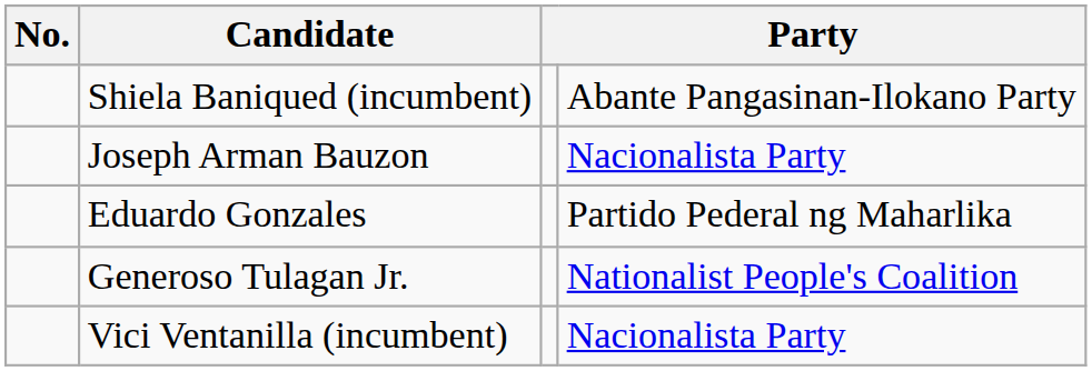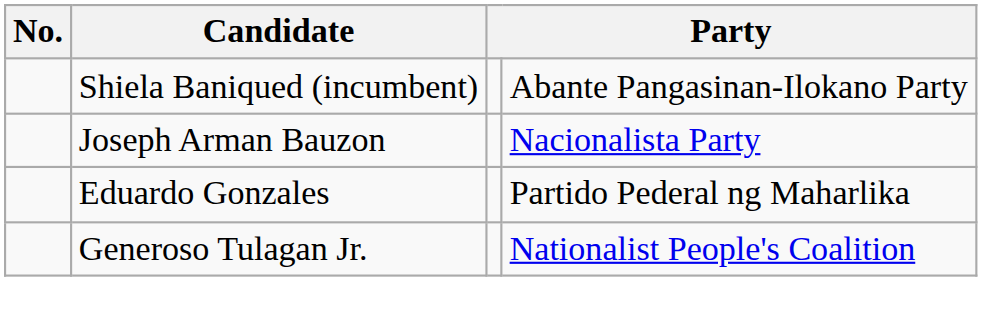 <table class="wikitable sortable" style="text-align:left;">
 <tr>
 <th>No.</th>
 <th>Candidate</th>
 <th colspan="2">Party</th>
 </tr>
 <tr>
 <td></td>
 <td>Shiela Baniqued (incumbent)</td>
 <td></td>
 <td>Abante Pangasinan-Ilokano Party</td>
 </tr>
 <tr>
 <td></td>
 <td>Joseph Arman Bauzon</td>
 <td></td>
 <td><a href='#'>Nacionalista Party</a></td>
 </tr>
 <tr>
 <td></td>
 <td>Eduardo Gonzales</td>
 <td></td>
 <td>Partido Pederal ng Maharlika</td>
 </tr>
 <tr>
 <td></td>
 <td>Generoso Tulagan Jr.</td>
 <td></td>
 <td><a href='#'>Nationalist People's Coalition</a></td>
 </tr>
-<tr>
-<td></td>
-<td>Vici Ventanilla (incumbent)</td>
-<td></td>
-<td><a href='#'>Nacionalista Party</a></td>
-</tr>
 </table>
